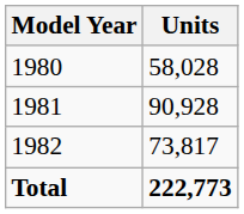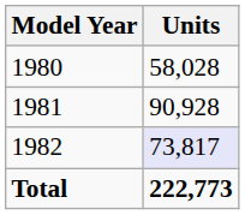 <table class="wikitable">
 <tr>
 <th>Model Year</th>
 <th>Units</th>
 </tr>
 <tr>
 <td>1980</td>
 <td>58,028</td>
 </tr>
 <tr>
 <td>1981</td>
 <td>90,928</td>
 </tr>
 <tr>
 <td>1982</td>
-<td>73,817</td>
+<td style="background: lavender;">73,817</td>
 </tr>
 <tr>
 <td><strong>Total</strong></td>
 <td><strong>222,773</strong></td>
 </tr>
 </table>
